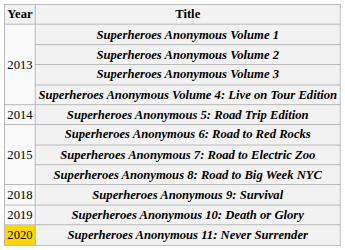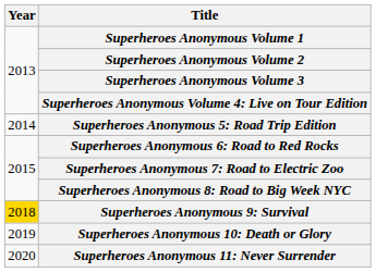 <table class="wikitable plainrowheaders">
 <tr>
 <th>Year</th>
 <th>Title</th>
 </tr>
 <tr>
 <td rowspan="4">2013</td>
 <th scope="row"><em>Superheroes Anonymous Volume 1</em></th>
 </tr>
 <tr>
 <th scope="row"><em>Superheroes Anonymous Volume 2</em></th>
 </tr>
 <tr>
 <th scope="row"><em>Superheroes Anonymous Volume 3</em></th>
 </tr>
 <tr>
 <th scope="row"><em>Superheroes Anonymous Volume 4: Live on Tour Edition</em></th>
 </tr>
 <tr>
 <td>2014</td>
 <th scope="row"><em>Superheroes Anonymous 5: Road Trip Edition</em></th>
 </tr>
 <tr>
 <td rowspan="3">2015</td>
 <th scope="row"><em>Superheroes Anonymous 6: Road to Red Rocks</em></th>
 </tr>
 <tr>
 <th scope="row"><em>Superheroes Anonymous 7: Road to Electric Zoo</em></th>
 </tr>
 <tr>
 <th scope="row"><em>Superheroes Anonymous 8: Road to Big Week NYC</em></th>
 </tr>
 <tr>
-<td>2018</td>
+<td style="background: gold;">2018</td>
 <th scope="row"><em>Superheroes Anonymous 9: Survival</em></th>
 </tr>
 <tr>
 <td>2019</td>
 <th scope="row"><em>Superheroes Anonymous 10: Death or Glory</em></th>
 </tr>
 <tr>
-<td style="background: gold;">2020</td>
+<td>2020</td>
 <th scope="row"><em>Superheroes Anonymous 11: Never Surrender</em> </th>
 </tr>
 </table>
